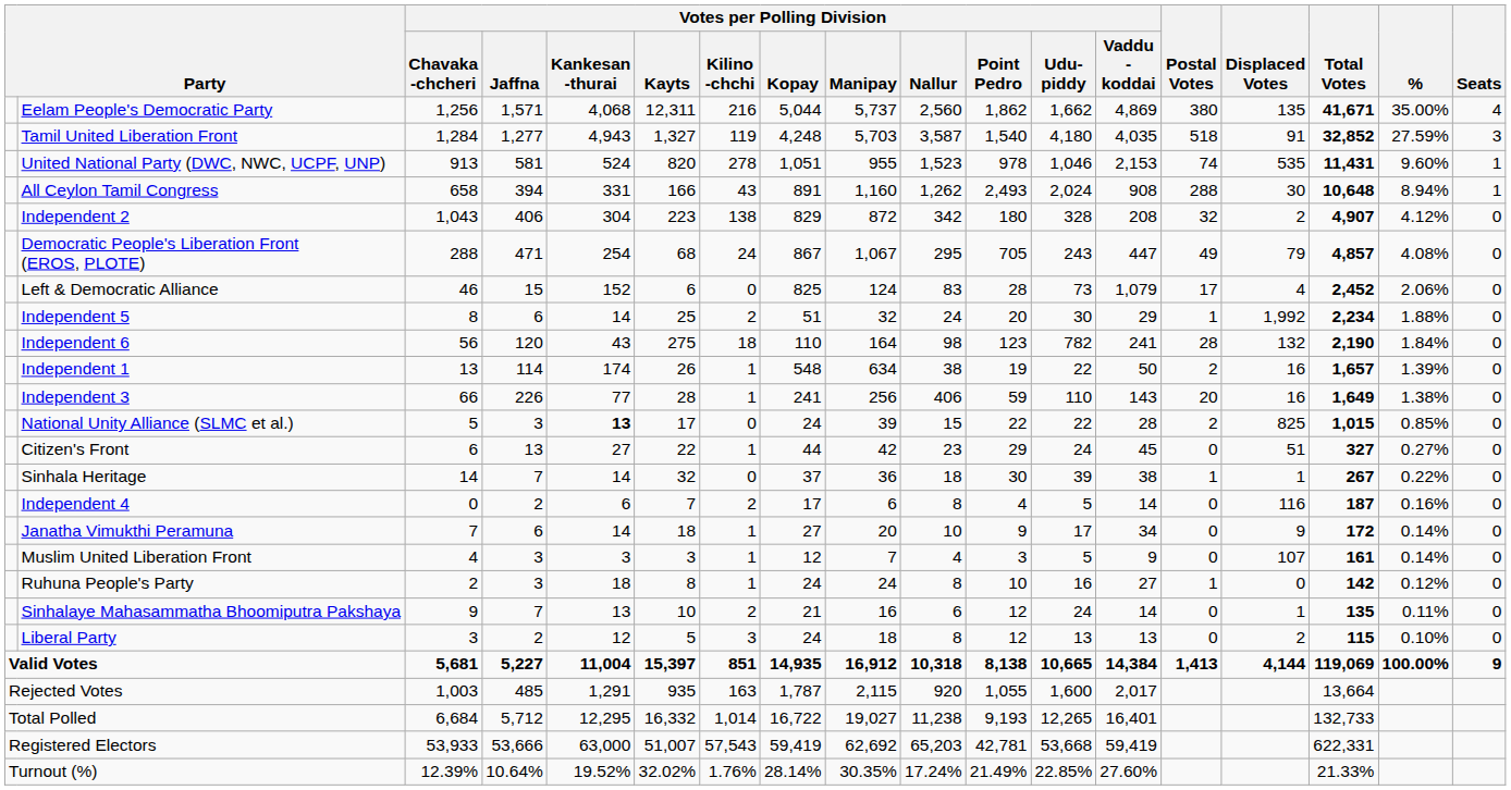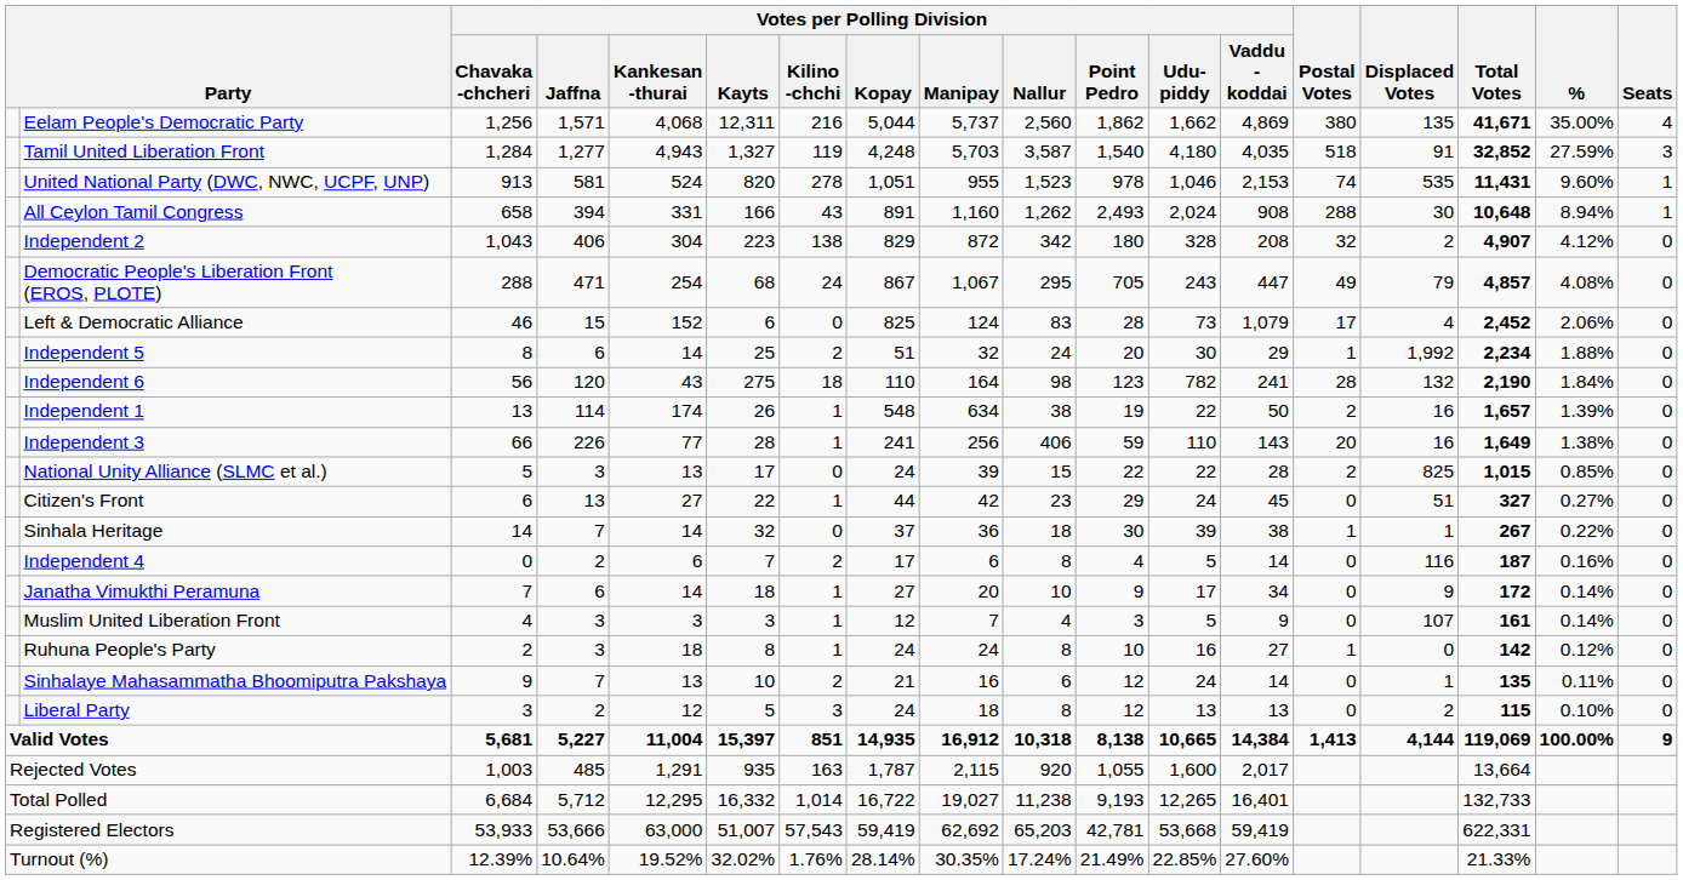 <table class="wikitable" border="1" style="text-align:right;">
 <tr>
 <th align=left valign=bottom rowspan=2 colspan=2>Party</th>
 <th colspan=11>Votes per Polling Division</th>
 <th align=center valign=bottom rowspan=2 width="50">Postal<br>Votes</th>
 <th align=center valign=bottom rowspan=2 width="50">Displaced<br>Votes</th>
 <th align=center valign=bottom rowspan=2 width="50">Total Votes</th>
 <th align=center valign=bottom rowspan=2 width="50">%</th>
 <th align=center valign=bottom rowspan=2 width="40">Seats</th>
 </tr>
 <tr>
 <th align=center valign=bottom width="50">Chavaka<br>-chcheri</th>
 <th align=center valign=bottom width="50">Jaffna</th>
 <th align=center valign=bottom width="50">Kankesan<br>-thurai</th>
 <th align=center valign=bottom width="50">Kayts</th>
 <th align=center valign=bottom width="50">Kilino<br>-chchi</th>
 <th align=center valign=bottom width="50">Kopay</th>
 <th align=center valign=bottom width="50">Manipay</th>
 <th align=center valign=bottom width="50">Nallur</th>
 <th align=center valign=bottom width="50">Point<br>Pedro</th>
 <th align=center valign=bottom width="50">Udu-<br>piddy</th>
 <th align=center valign=bottom width="50">Vaddu<br>-koddai</th>
 </tr>
 <tr>
 <td bgcolor=> </td>
 <td align=left><a href='#'>Eelam People's Democratic Party</a></td>
 <td>1,256</td>
 <td>1,571</td>
 <td>4,068</td>
 <td>12,311</td>
 <td>216</td>
 <td>5,044</td>
 <td>5,737</td>
 <td>2,560</td>
 <td>1,862</td>
 <td>1,662</td>
 <td>4,869</td>
 <td>380</td>
 <td>135</td>
 <td><strong>41,671</strong></td>
 <td>35.00%</td>
 <td>4</td>
 </tr>
 <tr>
 <td bgcolor=> </td>
 <td align=left><a href='#'>Tamil United Liberation Front</a></td>
 <td>1,284</td>
 <td>1,277</td>
 <td>4,943</td>
 <td>1,327</td>
 <td>119</td>
 <td>4,248</td>
 <td>5,703</td>
 <td>3,587</td>
 <td>1,540</td>
 <td>4,180</td>
 <td>4,035</td>
 <td>518</td>
 <td>91</td>
 <td><strong>32,852</strong></td>
 <td>27.59%</td>
 <td>3</td>
 </tr>
 <tr>
 <td bgcolor=> </td>
 <td align=left><a href='#'>United National Party</a> (<a href='#'>DWC</a>, NWC, <a href='#'>UCPF</a>, <a href='#'>UNP</a>)</td>
 <td>913</td>
 <td>581</td>
 <td>524</td>
 <td>820</td>
 <td>278</td>
 <td>1,051</td>
 <td>955</td>
 <td>1,523</td>
 <td>978</td>
 <td>1,046</td>
 <td>2,153</td>
 <td>74</td>
 <td>535</td>
 <td><strong>11,431</strong></td>
 <td>9.60%</td>
 <td>1</td>
 </tr>
 <tr>
 <td bgcolor=> </td>
 <td align=left><a href='#'>All Ceylon Tamil Congress</a></td>
 <td>658</td>
 <td>394</td>
 <td>331</td>
 <td>166</td>
 <td>43</td>
 <td>891</td>
 <td>1,160</td>
 <td>1,262</td>
 <td>2,493</td>
 <td>2,024</td>
 <td>908</td>
 <td>288</td>
 <td>30</td>
 <td><strong>10,648</strong></td>
 <td>8.94%</td>
 <td>1</td>
 </tr>
 <tr>
 <td bgcolor=> </td>
 <td align=left><a href='#'>Independent 2</a></td>
 <td>1,043</td>
 <td>406</td>
 <td>304</td>
 <td>223</td>
 <td>138</td>
 <td>829</td>
 <td>872</td>
 <td>342</td>
 <td>180</td>
 <td>328</td>
 <td>208</td>
 <td>32</td>
 <td>2</td>
 <td><strong>4,907</strong></td>
 <td>4.12%</td>
 <td>0</td>
 </tr>
 <tr>
 <td bgcolor=> </td>
 <td align=left><a href='#'>Democratic People's Liberation Front</a><br>(<a href='#'>EROS</a>, <a href='#'>PLOTE</a>)</td>
 <td>288</td>
 <td>471</td>
 <td>254</td>
 <td>68</td>
 <td>24</td>
 <td>867</td>
 <td>1,067</td>
 <td>295</td>
 <td>705</td>
 <td>243</td>
 <td>447</td>
 <td>49</td>
 <td>79</td>
 <td><strong>4,857</strong></td>
 <td>4.08%</td>
 <td>0</td>
 </tr>
 <tr>
 <td></td>
 <td align=left>Left & Democratic Alliance</td>
 <td>46</td>
 <td>15</td>
 <td>152</td>
 <td>6</td>
 <td>0</td>
 <td>825</td>
 <td>124</td>
 <td>83</td>
 <td>28</td>
 <td>73</td>
 <td>1,079</td>
 <td>17</td>
 <td>4</td>
 <td><strong>2,452</strong></td>
 <td>2.06%</td>
 <td>0</td>
 </tr>
 <tr>
 <td bgcolor=> </td>
 <td align=left><a href='#'>Independent 5</a></td>
 <td>8</td>
 <td>6</td>
 <td>14</td>
 <td>25</td>
 <td>2</td>
 <td>51</td>
 <td>32</td>
 <td>24</td>
 <td>20</td>
 <td>30</td>
 <td>29</td>
 <td>1</td>
 <td>1,992</td>
 <td><strong>2,234</strong></td>
 <td>1.88%</td>
 <td>0</td>
 </tr>
 <tr>
 <td bgcolor=> </td>
 <td align=left><a href='#'>Independent 6</a></td>
 <td>56</td>
 <td>120</td>
 <td>43</td>
 <td>275</td>
 <td>18</td>
 <td>110</td>
 <td>164</td>
 <td>98</td>
 <td>123</td>
 <td>782</td>
 <td>241</td>
 <td>28</td>
 <td>132</td>
 <td><strong>2,190</strong></td>
 <td>1.84%</td>
 <td>0</td>
 </tr>
 <tr>
 <td bgcolor=> </td>
 <td align=left><a href='#'>Independent 1</a></td>
 <td>13</td>
 <td>114</td>
 <td>174</td>
 <td>26</td>
 <td>1</td>
 <td>548</td>
 <td>634</td>
 <td>38</td>
 <td>19</td>
 <td>22</td>
 <td>50</td>
 <td>2</td>
 <td>16</td>
 <td><strong>1,657</strong></td>
 <td>1.39%</td>
 <td>0</td>
 </tr>
 <tr>
 <td bgcolor=> </td>
 <td align=left><a href='#'>Independent 3</a></td>
 <td>66</td>
 <td>226</td>
 <td>77</td>
 <td>28</td>
 <td>1</td>
 <td>241</td>
 <td>256</td>
 <td>406</td>
 <td>59</td>
 <td>110</td>
 <td>143</td>
 <td>20</td>
 <td>16</td>
 <td><strong>1,649</strong></td>
 <td>1.38%</td>
 <td>0</td>
 </tr>
 <tr>
 <td bgcolor=> </td>
 <td align=left><a href='#'>National Unity Alliance</a> (<a href='#'>SLMC</a> et al.)</td>
 <td>5</td>
 <td>3</td>
-<td><strong>13</strong></td>
+<td>13</td>
 <td>17</td>
 <td>0</td>
 <td>24</td>
 <td>39</td>
 <td>15</td>
 <td>22</td>
 <td>22</td>
 <td>28</td>
 <td>2</td>
 <td>825</td>
 <td><strong>1,015</strong></td>
 <td>0.85%</td>
 <td>0</td>
 </tr>
 <tr>
 <td></td>
 <td align=left>Citizen's Front</td>
 <td>6</td>
 <td>13</td>
 <td>27</td>
 <td>22</td>
 <td>1</td>
 <td>44</td>
 <td>42</td>
 <td>23</td>
 <td>29</td>
 <td>24</td>
 <td>45</td>
 <td>0</td>
 <td>51</td>
 <td><strong>327</strong></td>
 <td>0.27%</td>
 <td>0</td>
 </tr>
 <tr>
 <td></td>
 <td align=left>Sinhala Heritage</td>
 <td>14</td>
 <td>7</td>
 <td>14</td>
 <td>32</td>
 <td>0</td>
 <td>37</td>
 <td>36</td>
 <td>18</td>
 <td>30</td>
 <td>39</td>
 <td>38</td>
 <td>1</td>
 <td>1</td>
 <td><strong>267</strong></td>
 <td>0.22%</td>
 <td>0</td>
 </tr>
 <tr>
 <td bgcolor=> </td>
 <td align=left><a href='#'>Independent 4</a></td>
 <td>0</td>
 <td>2</td>
 <td>6</td>
 <td>7</td>
 <td>2</td>
 <td>17</td>
 <td>6</td>
 <td>8</td>
 <td>4</td>
 <td>5</td>
 <td>14</td>
 <td>0</td>
 <td>116</td>
 <td><strong>187</strong></td>
 <td>0.16%</td>
 <td>0</td>
 </tr>
 <tr>
 <td bgcolor=> </td>
 <td align=left><a href='#'>Janatha Vimukthi Peramuna</a></td>
 <td>7</td>
 <td>6</td>
 <td>14</td>
 <td>18</td>
 <td>1</td>
 <td>27</td>
 <td>20</td>
 <td>10</td>
 <td>9</td>
 <td>17</td>
 <td>34</td>
 <td>0</td>
 <td>9</td>
 <td><strong>172</strong></td>
 <td>0.14%</td>
 <td>0</td>
 </tr>
 <tr>
 <td></td>
 <td align=left>Muslim United Liberation Front</td>
 <td>4</td>
 <td>3</td>
 <td>3</td>
 <td>3</td>
 <td>1</td>
 <td>12</td>
 <td>7</td>
 <td>4</td>
 <td>3</td>
 <td>5</td>
 <td>9</td>
 <td>0</td>
 <td>107</td>
 <td><strong>161</strong></td>
 <td>0.14%</td>
 <td>0</td>
 </tr>
 <tr>
 <td></td>
 <td align=left>Ruhuna People's Party</td>
 <td>2</td>
 <td>3</td>
 <td>18</td>
 <td>8</td>
 <td>1</td>
 <td>24</td>
 <td>24</td>
 <td>8</td>
 <td>10</td>
 <td>16</td>
 <td>27</td>
 <td>1</td>
 <td>0</td>
 <td><strong>142</strong></td>
 <td>0.12%</td>
 <td>0</td>
 </tr>
 <tr>
 <td bgcolor=> </td>
 <td align=left><a href='#'>Sinhalaye Mahasammatha Bhoomiputra Pakshaya</a></td>
 <td>9</td>
 <td>7</td>
 <td>13</td>
 <td>10</td>
 <td>2</td>
 <td>21</td>
 <td>16</td>
 <td>6</td>
 <td>12</td>
 <td>24</td>
 <td>14</td>
 <td>0</td>
 <td>1</td>
 <td><strong>135</strong></td>
 <td>0.11%</td>
 <td>0</td>
 </tr>
 <tr>
 <td></td>
 <td align=left><a href='#'>Liberal Party</a></td>
 <td>3</td>
 <td>2</td>
 <td>12</td>
 <td>5</td>
 <td>3</td>
 <td>24</td>
 <td>18</td>
 <td>8</td>
 <td>12</td>
 <td>13</td>
 <td>13</td>
 <td>0</td>
 <td>2</td>
 <td><strong>115</strong></td>
 <td>0.10%</td>
 <td>0</td>
 </tr>
 <tr>
 <td align=left colspan=2><strong>Valid Votes</strong></td>
 <td><strong>5,681</strong></td>
 <td><strong>5,227</strong></td>
 <td><strong>11,004</strong></td>
 <td><strong>15,397</strong></td>
 <td><strong>851</strong></td>
 <td><strong>14,935</strong></td>
 <td><strong>16,912</strong></td>
 <td><strong>10,318</strong></td>
 <td><strong>8,138</strong></td>
 <td><strong>10,665</strong></td>
 <td><strong>14,384</strong></td>
 <td><strong>1,413</strong></td>
 <td><strong>4,144</strong></td>
 <td><strong>119,069</strong></td>
 <td><strong>100.00%</strong></td>
 <td><strong>9</strong></td>
 </tr>
 <tr>
 <td align=left colspan=2>Rejected Votes</td>
 <td>1,003</td>
 <td>485</td>
 <td>1,291</td>
 <td>935</td>
 <td>163</td>
 <td>1,787</td>
 <td>2,115</td>
 <td>920</td>
 <td>1,055</td>
 <td>1,600</td>
 <td>2,017</td>
 <td></td>
 <td></td>
 <td>13,664</td>
 <td></td>
 <td></td>
 </tr>
 <tr>
 <td align=left colspan=2>Total Polled</td>
 <td>6,684</td>
 <td>5,712</td>
 <td>12,295</td>
 <td>16,332</td>
 <td>1,014</td>
 <td>16,722</td>
 <td>19,027</td>
 <td>11,238</td>
 <td>9,193</td>
 <td>12,265</td>
 <td>16,401</td>
 <td></td>
 <td></td>
 <td>132,733</td>
 <td></td>
 <td></td>
 </tr>
 <tr>
 <td align=left colspan=2>Registered Electors</td>
 <td>53,933</td>
 <td>53,666</td>
 <td>63,000</td>
 <td>51,007</td>
 <td>57,543</td>
 <td>59,419</td>
 <td>62,692</td>
 <td>65,203</td>
 <td>42,781</td>
 <td>53,668</td>
 <td>59,419</td>
 <td></td>
 <td></td>
 <td>622,331</td>
 <td></td>
 <td></td>
 </tr>
 <tr>
 <td align=left colspan=2>Turnout (%)</td>
 <td>12.39%</td>
 <td>10.64%</td>
 <td>19.52%</td>
 <td>32.02%</td>
 <td>1.76%</td>
 <td>28.14%</td>
 <td>30.35%</td>
 <td>17.24%</td>
 <td>21.49%</td>
 <td>22.85%</td>
 <td>27.60%</td>
 <td></td>
 <td></td>
 <td>21.33%</td>
 <td></td>
 <td></td>
 </tr>
 </table>
